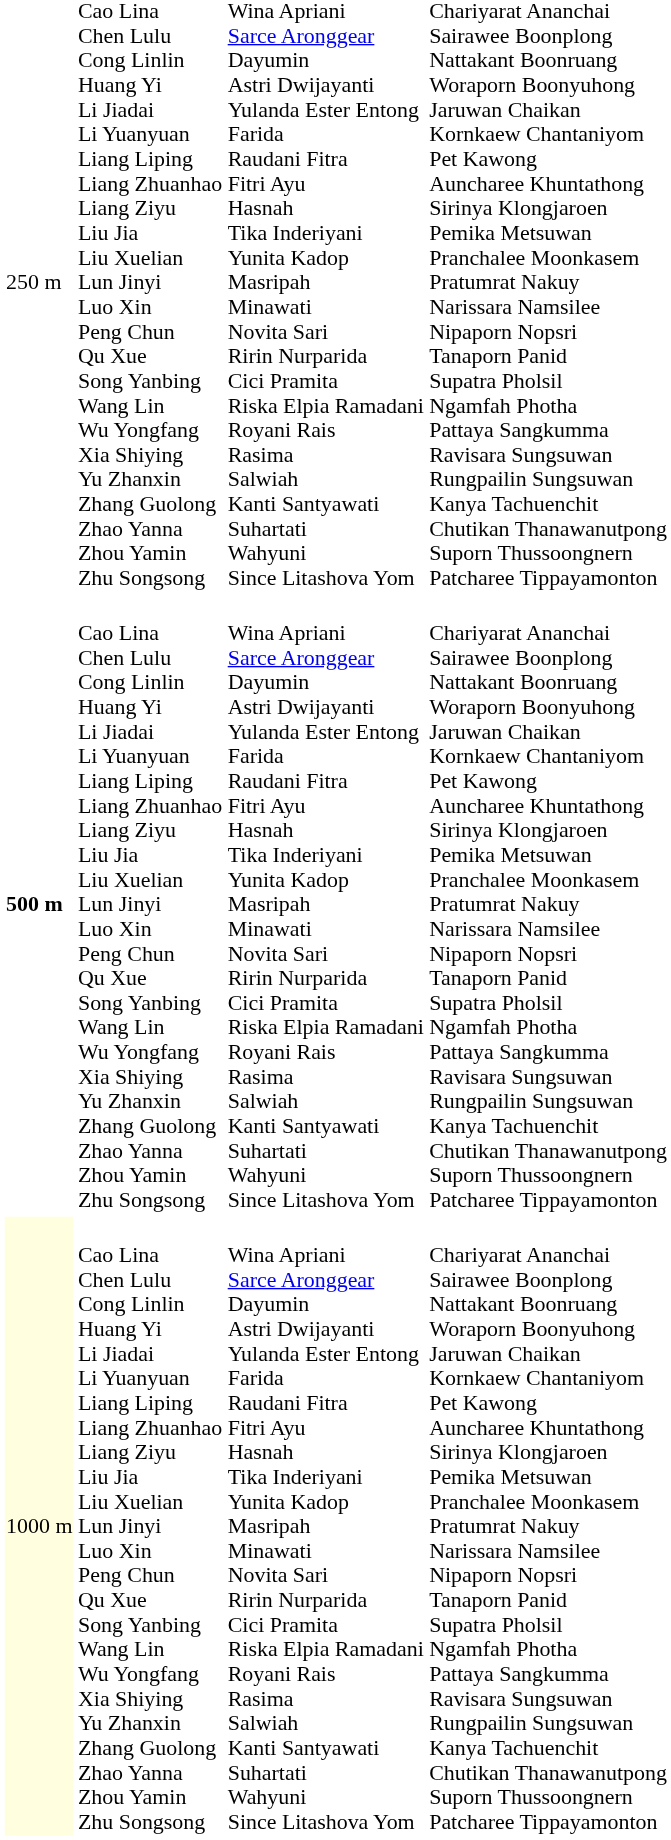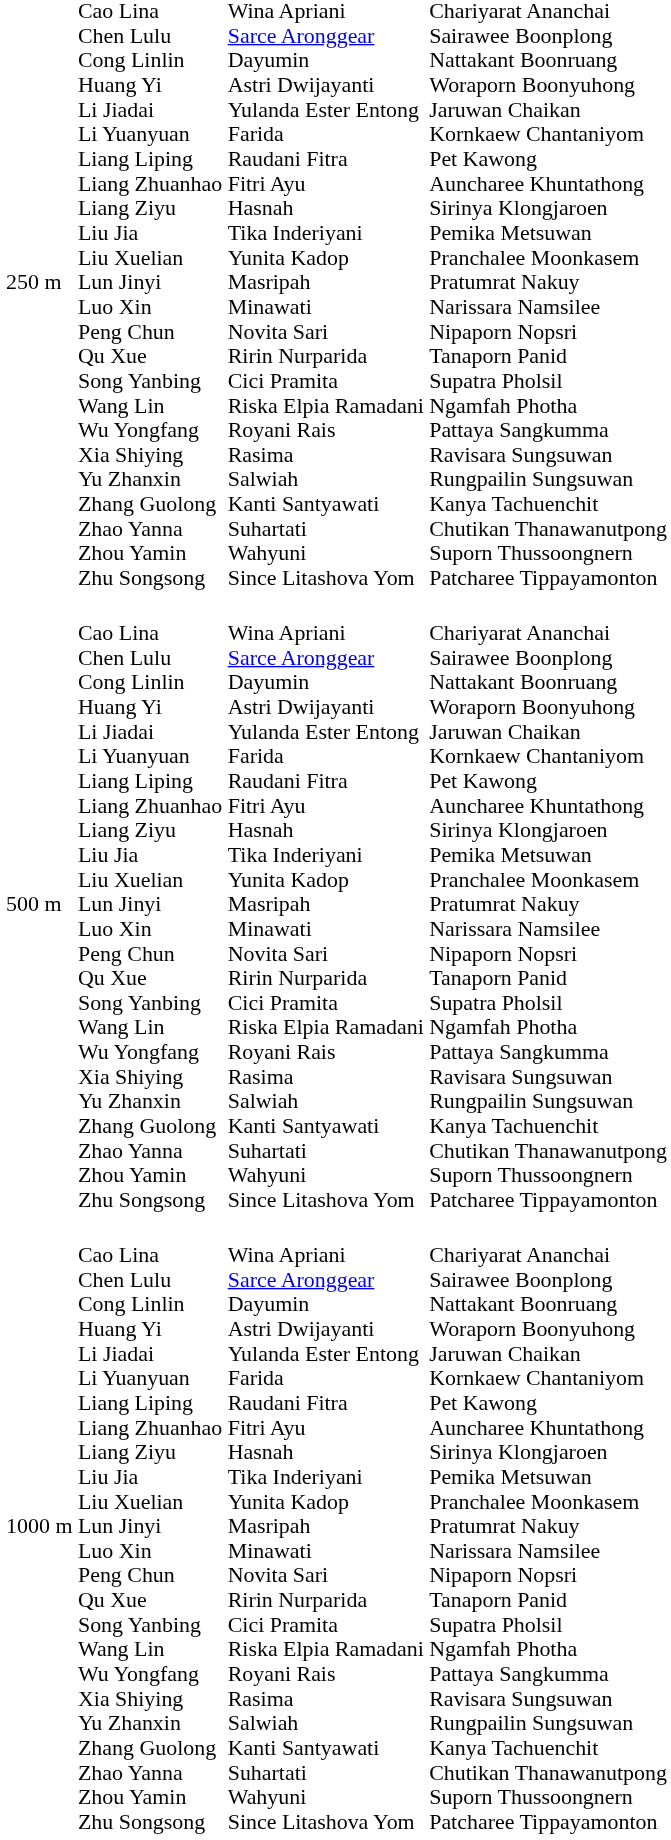 <table>
 <tr>
 <td>250 m<br></td>
 <td><br>Cao Lina<br>Chen Lulu<br>Cong Linlin<br>Huang Yi<br>Li Jiadai<br>Li Yuanyuan<br>Liang Liping<br>Liang Zhuanhao<br>Liang Ziyu<br>Liu Jia<br>Liu Xuelian<br>Lun Jinyi<br>Luo Xin<br>Peng Chun<br>Qu Xue<br>Song Yanbing<br>Wang Lin<br>Wu Yongfang<br>Xia Shiying<br>Yu Zhanxin<br>Zhang Guolong<br>Zhao Yanna<br>Zhou Yamin<br>Zhu Songsong</td>
 <td><br>Wina Apriani<br><a href='#'>Sarce Aronggear</a><br>Dayumin<br>Astri Dwijayanti<br>Yulanda Ester Entong<br>Farida<br>Raudani Fitra<br>Fitri Ayu<br>Hasnah<br>Tika Inderiyani<br>Yunita Kadop<br>Masripah<br>Minawati<br>Novita Sari<br>Ririn Nurparida<br>Cici Pramita<br>Riska Elpia Ramadani<br>Royani Rais<br>Rasima<br>Salwiah<br>Kanti Santyawati<br>Suhartati<br>Wahyuni<br>Since Litashova Yom</td>
 <td><br>Chariyarat Ananchai<br>Sairawee Boonplong<br>Nattakant Boonruang<br>Woraporn Boonyuhong<br>Jaruwan Chaikan<br>Kornkaew Chantaniyom<br>Pet Kawong<br>Auncharee Khuntathong<br>Sirinya Klongjaroen<br>Pemika Metsuwan<br>Pranchalee Moonkasem<br>Pratumrat Nakuy<br>Narissara Namsilee<br>Nipaporn Nopsri<br>Tanaporn Panid<br>Supatra Pholsil<br>Ngamfah Photha<br>Pattaya Sangkumma<br>Ravisara Sungsuwan<br>Rungpailin Sungsuwan<br>Kanya Tachuenchit<br>Chutikan Thanawanutpong<br>Suporn Thussoongnern<br>Patcharee Tippayamonton</td>
 </tr>
 <tr>
-<td><strong>500 m<br></strong></td>
+<td>500 m<br></td>
 <td><br>Cao Lina<br>Chen Lulu<br>Cong Linlin<br>Huang Yi<br>Li Jiadai<br>Li Yuanyuan<br>Liang Liping<br>Liang Zhuanhao<br>Liang Ziyu<br>Liu Jia<br>Liu Xuelian<br>Lun Jinyi<br>Luo Xin<br>Peng Chun<br>Qu Xue<br>Song Yanbing<br>Wang Lin<br>Wu Yongfang<br>Xia Shiying<br>Yu Zhanxin<br>Zhang Guolong<br>Zhao Yanna<br>Zhou Yamin<br>Zhu Songsong</td>
 <td><br>Wina Apriani<br><a href='#'>Sarce Aronggear</a><br>Dayumin<br>Astri Dwijayanti<br>Yulanda Ester Entong<br>Farida<br>Raudani Fitra<br>Fitri Ayu<br>Hasnah<br>Tika Inderiyani<br>Yunita Kadop<br>Masripah<br>Minawati<br>Novita Sari<br>Ririn Nurparida<br>Cici Pramita<br>Riska Elpia Ramadani<br>Royani Rais<br>Rasima<br>Salwiah<br>Kanti Santyawati<br>Suhartati<br>Wahyuni<br>Since Litashova Yom</td>
 <td><br>Chariyarat Ananchai<br>Sairawee Boonplong<br>Nattakant Boonruang<br>Woraporn Boonyuhong<br>Jaruwan Chaikan<br>Kornkaew Chantaniyom<br>Pet Kawong<br>Auncharee Khuntathong<br>Sirinya Klongjaroen<br>Pemika Metsuwan<br>Pranchalee Moonkasem<br>Pratumrat Nakuy<br>Narissara Namsilee<br>Nipaporn Nopsri<br>Tanaporn Panid<br>Supatra Pholsil<br>Ngamfah Photha<br>Pattaya Sangkumma<br>Ravisara Sungsuwan<br>Rungpailin Sungsuwan<br>Kanya Tachuenchit<br>Chutikan Thanawanutpong<br>Suporn Thussoongnern<br>Patcharee Tippayamonton</td>
 </tr>
 <tr>
-<td style="background: lightyellow;">1000 m<br></td>
+<td>1000 m<br></td>
 <td><br>Cao Lina<br>Chen Lulu<br>Cong Linlin<br>Huang Yi<br>Li Jiadai<br>Li Yuanyuan<br>Liang Liping<br>Liang Zhuanhao<br>Liang Ziyu<br>Liu Jia<br>Liu Xuelian<br>Lun Jinyi<br>Luo Xin<br>Peng Chun<br>Qu Xue<br>Song Yanbing<br>Wang Lin<br>Wu Yongfang<br>Xia Shiying<br>Yu Zhanxin<br>Zhang Guolong<br>Zhao Yanna<br>Zhou Yamin<br>Zhu Songsong</td>
 <td><br>Wina Apriani<br><a href='#'>Sarce Aronggear</a><br>Dayumin<br>Astri Dwijayanti<br>Yulanda Ester Entong<br>Farida<br>Raudani Fitra<br>Fitri Ayu<br>Hasnah<br>Tika Inderiyani<br>Yunita Kadop<br>Masripah<br>Minawati<br>Novita Sari<br>Ririn Nurparida<br>Cici Pramita<br>Riska Elpia Ramadani<br>Royani Rais<br>Rasima<br>Salwiah<br>Kanti Santyawati<br>Suhartati<br>Wahyuni<br>Since Litashova Yom</td>
 <td><br>Chariyarat Ananchai<br>Sairawee Boonplong<br>Nattakant Boonruang<br>Woraporn Boonyuhong<br>Jaruwan Chaikan<br>Kornkaew Chantaniyom<br>Pet Kawong<br>Auncharee Khuntathong<br>Sirinya Klongjaroen<br>Pemika Metsuwan<br>Pranchalee Moonkasem<br>Pratumrat Nakuy<br>Narissara Namsilee<br>Nipaporn Nopsri<br>Tanaporn Panid<br>Supatra Pholsil<br>Ngamfah Photha<br>Pattaya Sangkumma<br>Ravisara Sungsuwan<br>Rungpailin Sungsuwan<br>Kanya Tachuenchit<br>Chutikan Thanawanutpong<br>Suporn Thussoongnern<br>Patcharee Tippayamonton</td>
 </tr>
 </table>
